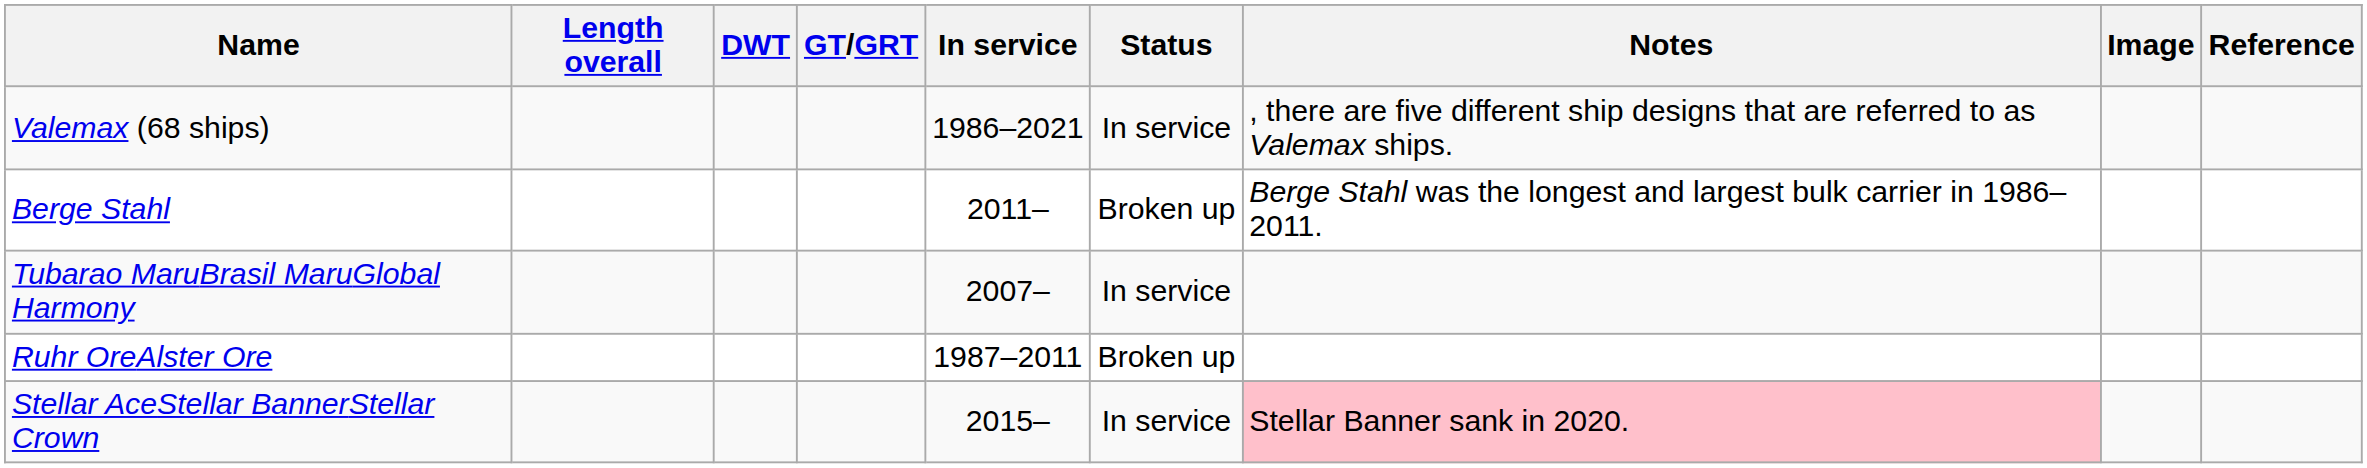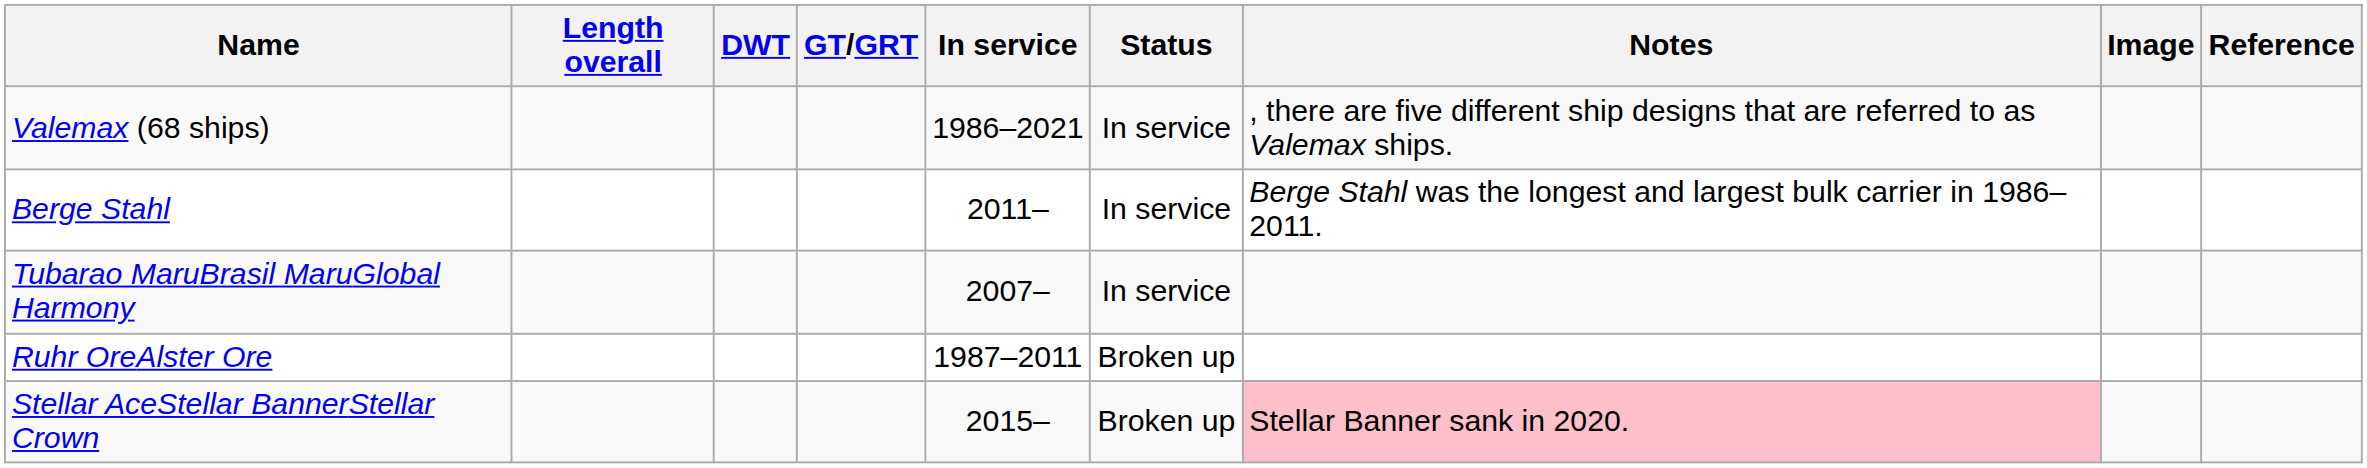 <table class="sortable wikitable">
 <tr>
 <th align="left">Name</th>
 <th><a href='#'>Length overall</a></th>
 <th data-sort-type="number"><a href='#'>DWT</a></th>
 <th><a href='#'>GT</a>/<a href='#'>GRT</a></th>
 <th style="white-space:nowrap">In service</th>
 <th>Status</th>
 <th class="unsortable">Notes</th>
 <th class="unsortable">Image</th>
 <th class="unsortable">Reference</th>
 </tr>
 <tr>
 <td><em><a href='#'>Valemax</a></em> (68 ships)</td>
 <td align="center"></td>
 <td style="white-space:nowrap" align="center"></td>
 <td style="white-space:nowrap" align="center"></td>
 <td style="white-space:nowrap" align="center">1986–2021</td>
 <td style="white-space:nowrap" align="center">In service</td>
 <td>, there are five different ship designs that are referred to as <em>Valemax</em> ships.</td>
 <td></td>
 <td align="center"></td>
 </tr>
 <tr style="background:#FFFFFF;">
 <td><em><a href='#'>Berge Stahl</a></em></td>
 <td align="center"></td>
 <td style="white-space:nowrap" align="center"></td>
 <td style="white-space:nowrap" align="center"></td>
 <td style="white-space:nowrap" align="center">2011–</td>
-<td style="white-space:nowrap" align="center">Broken up</td>
+<td style="white-space:nowrap" align="center">In service</td>
 <td><em>Berge Stahl</em> was the longest and largest bulk carrier in 1986–2011.</td>
 <td></td>
 <td align="center"></td>
 </tr>
 <tr>
 <td><em><a href='#'>Tubarao Maru</a></em><em><a href='#'>Brasil Maru</a></em><em><a href='#'>Global Harmony</a></em></td>
 <td align="center"></td>
 <td style="white-space:nowrap" align="center"></td>
 <td style="white-space:nowrap" align="center"></td>
 <td style="white-space:nowrap" align="center">2007–</td>
 <td style="white-space:nowrap" align="center">In service</td>
 <td></td>
 <td></td>
 <td align="center"><br> </td>
 </tr>
 <tr style="background:#FFFFFF;">
 <td><em><a href='#'>Ruhr Ore</a></em><em><a href='#'>Alster Ore</a></em></td>
 <td align="center"></td>
 <td style="white-space:nowrap" align="center"></td>
 <td style="white-space:nowrap" align="center"></td>
 <td style="white-space:nowrap" align="center">1987–2011</td>
 <td style="white-space:nowrap" align="center">Broken up</td>
 <td></td>
 <td></td>
 <td align="center"><br></td>
 </tr>
 <tr>
 <td><em><a href='#'>Stellar Ace</a></em><em><a href='#'>Stellar Banner</a></em><em><a href='#'>Stellar Crown</a></em></td>
 <td align="center"></td>
 <td style="white-space:nowrap" align="center"></td>
 <td style="white-space:nowrap" align="center"></td>
 <td style="white-space:nowrap" align="center">2015–</td>
-<td style="white-space:nowrap" align="center">In service</td>
+<td style="white-space:nowrap" align="center">Broken up</td>
 <td style="background: pink;">Stellar Banner sank in 2020.</td>
 <td></td>
 <td align="center"><br> </td>
 </tr>
 </table>
